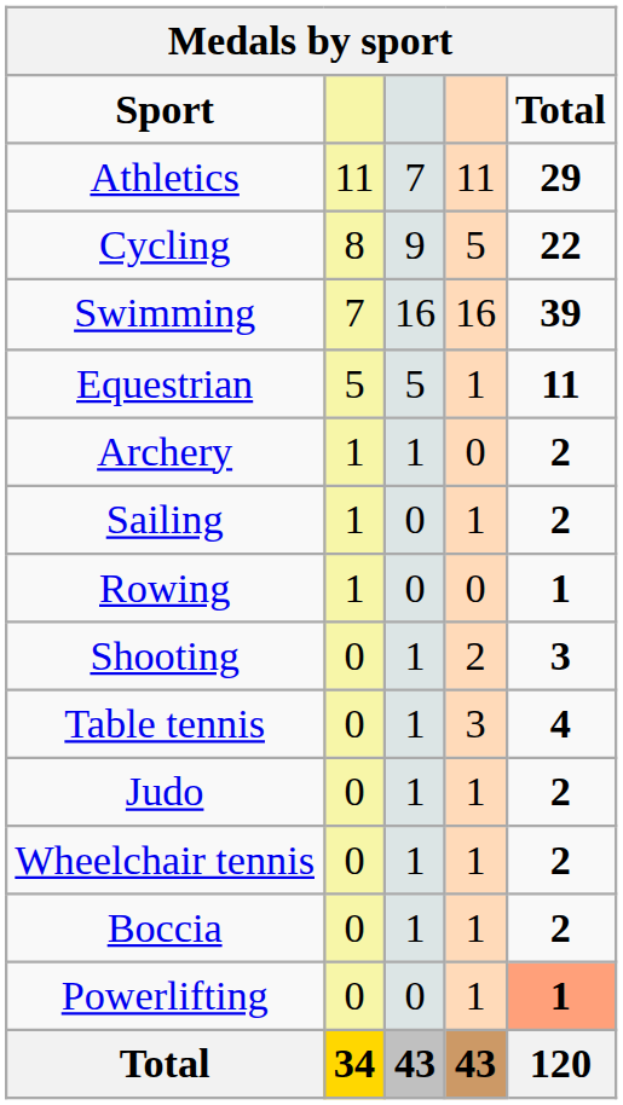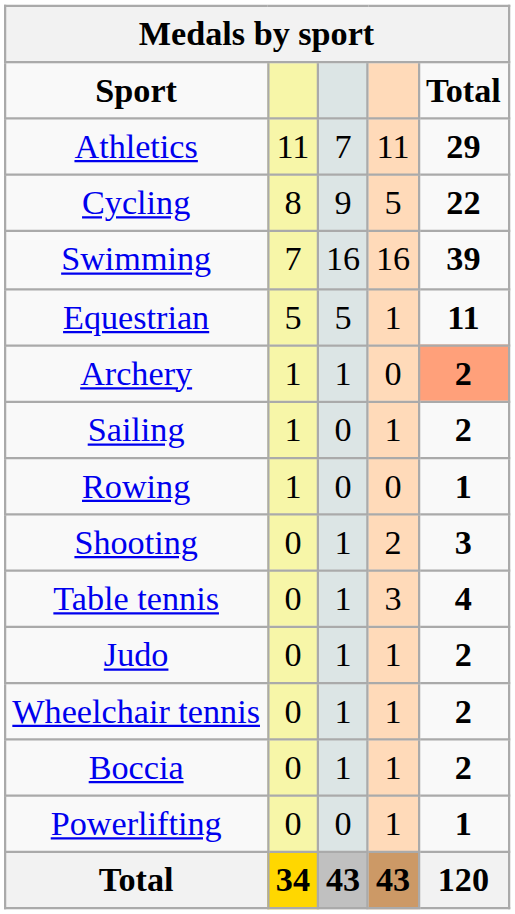 <table class="wikitable" style="font-size:95%;float:right;clear:right;margin-left:0.5em">
 <tr style="background:#efefef;">
 <th colspan=5>Medals by sport</th>
 </tr>
 <tr style="text-align:center;">
 <td><strong>Sport</strong></td>
 <td bgcolor=#f7f6a8></td>
 <td bgcolor=#dce5e5></td>
 <td bgcolor=#ffdab9></td>
 <td><strong>Total</strong></td>
 </tr>
 <tr style="text-align:center;">
 <td><a href='#'>Athletics</a></td>
 <td style="background:#F7F6A8;">11</td>
 <td style="background:#DCE5E5;">7</td>
 <td style="background:#FFDAB9;">11</td>
 <td><strong>29</strong></td>
 </tr>
 <tr style="text-align:center;">
 <td><a href='#'>Cycling</a></td>
 <td style="background:#F7F6A8;">8</td>
 <td style="background:#DCE5E5;">9</td>
 <td style="background:#FFDAB9;">5</td>
 <td><strong>22</strong></td>
 </tr>
 <tr style="text-align:center;">
 <td><a href='#'>Swimming</a></td>
 <td style="background:#F7F6A8;">7</td>
 <td style="background:#DCE5E5;">16</td>
 <td style="background:#FFDAB9;">16</td>
 <td><strong>39</strong></td>
 </tr>
 <tr style="text-align:center;">
 <td><a href='#'>Equestrian</a></td>
 <td style="background:#F7F6A8;">5</td>
 <td style="background:#DCE5E5;">5</td>
 <td style="background:#FFDAB9;">1</td>
 <td><strong>11</strong></td>
 </tr>
 <tr style="text-align:center;">
 <td><a href='#'>Archery</a></td>
 <td style="background:#F7F6A8;">1</td>
 <td style="background:#DCE5E5;">1</td>
 <td style="background:#FFDAB9;">0</td>
-<td><strong>2</strong></td>
+<td style="background: lightsalmon;"><strong>2</strong></td>
 </tr>
 <tr style="text-align:center;">
 <td><a href='#'>Sailing</a></td>
 <td style="background:#F7F6A8;">1</td>
 <td style="background:#DCE5E5;">0</td>
 <td style="background:#FFDAB9;">1</td>
 <td><strong>2</strong></td>
 </tr>
 <tr style="text-align:center;">
 <td><a href='#'>Rowing</a></td>
 <td style="background:#F7F6A8;">1</td>
 <td style="background:#DCE5E5;">0</td>
 <td style="background:#FFDAB9;">0</td>
 <td><strong>1</strong></td>
 </tr>
 <tr style="text-align:center;">
 <td><a href='#'>Shooting</a></td>
 <td style="background:#F7F6A8;">0</td>
 <td style="background:#DCE5E5;">1</td>
 <td style="background:#FFDAB9;">2</td>
 <td><strong>3</strong></td>
 </tr>
 <tr style="text-align:center;">
 <td><a href='#'>Table tennis</a></td>
 <td style="background:#F7F6A8;">0</td>
 <td style="background:#DCE5E5;">1</td>
 <td style="background:#FFDAB9;">3</td>
 <td><strong>4</strong></td>
 </tr>
 <tr style="text-align:center;">
 <td><a href='#'>Judo</a></td>
 <td style="background:#F7F6A8;">0</td>
 <td style="background:#DCE5E5;">1</td>
 <td style="background:#FFDAB9;">1</td>
 <td><strong>2</strong></td>
 </tr>
 <tr style="text-align:center;">
 <td><a href='#'>Wheelchair tennis</a></td>
 <td style="background:#F7F6A8;">0</td>
 <td style="background:#DCE5E5;">1</td>
 <td style="background:#FFDAB9;">1</td>
 <td><strong>2</strong></td>
 </tr>
 <tr style="text-align:center;">
 <td><a href='#'>Boccia</a></td>
 <td style="background:#F7F6A8;">0</td>
 <td style="background:#DCE5E5;">1</td>
 <td style="background:#FFDAB9;">1</td>
 <td><strong>2</strong></td>
 </tr>
 <tr style="text-align:center;">
 <td><a href='#'>Powerlifting</a></td>
 <td style="background:#F7F6A8;">0</td>
 <td style="background:#DCE5E5;">0</td>
 <td style="background:#FFDAB9;">1</td>
-<td style="background: lightsalmon;"><strong>1</strong></td>
+<td><strong>1</strong></td>
 </tr>
 <tr style="text-align:center;">
 <th>Total</th>
 <th style="background:gold;">34</th>
 <th style="background:silver;">43</th>
 <th style="background:#c96;">43</th>
 <th>120</th>
 </tr>
 </table>
